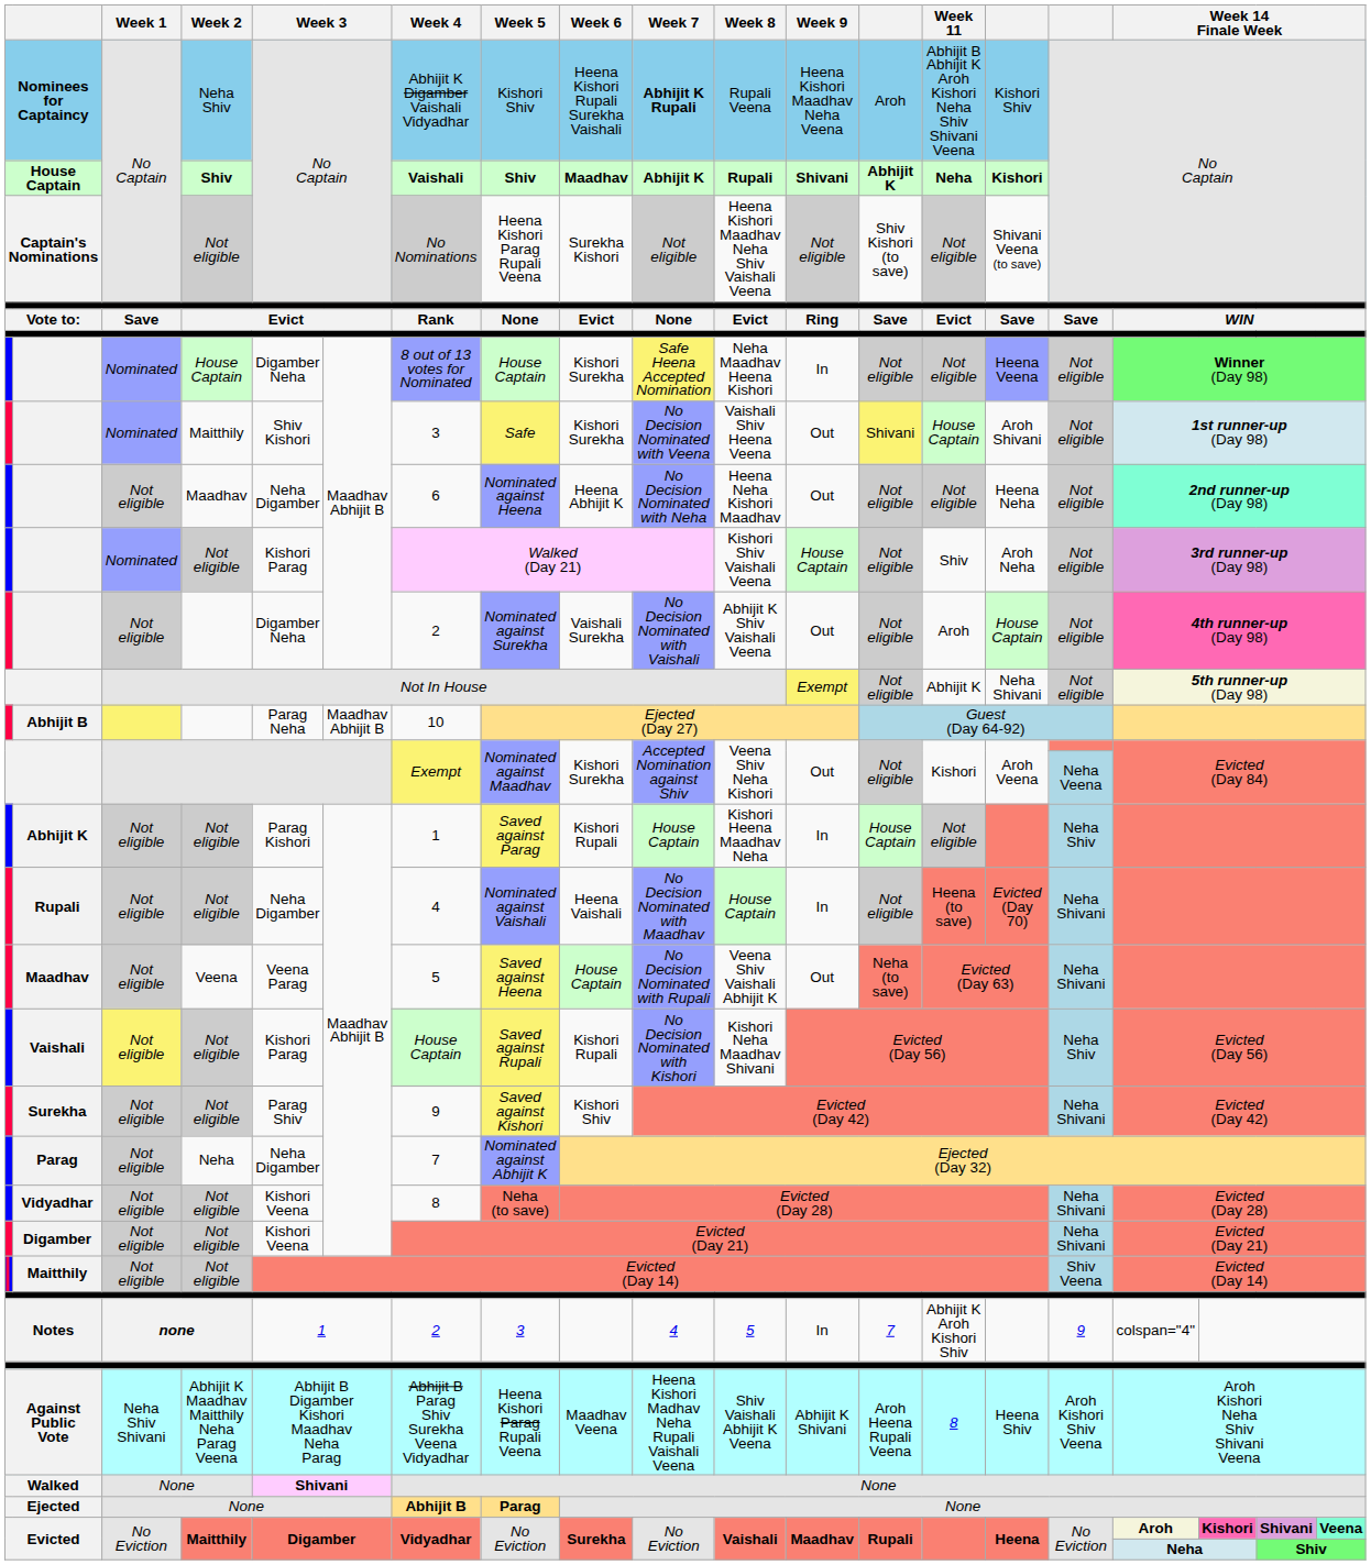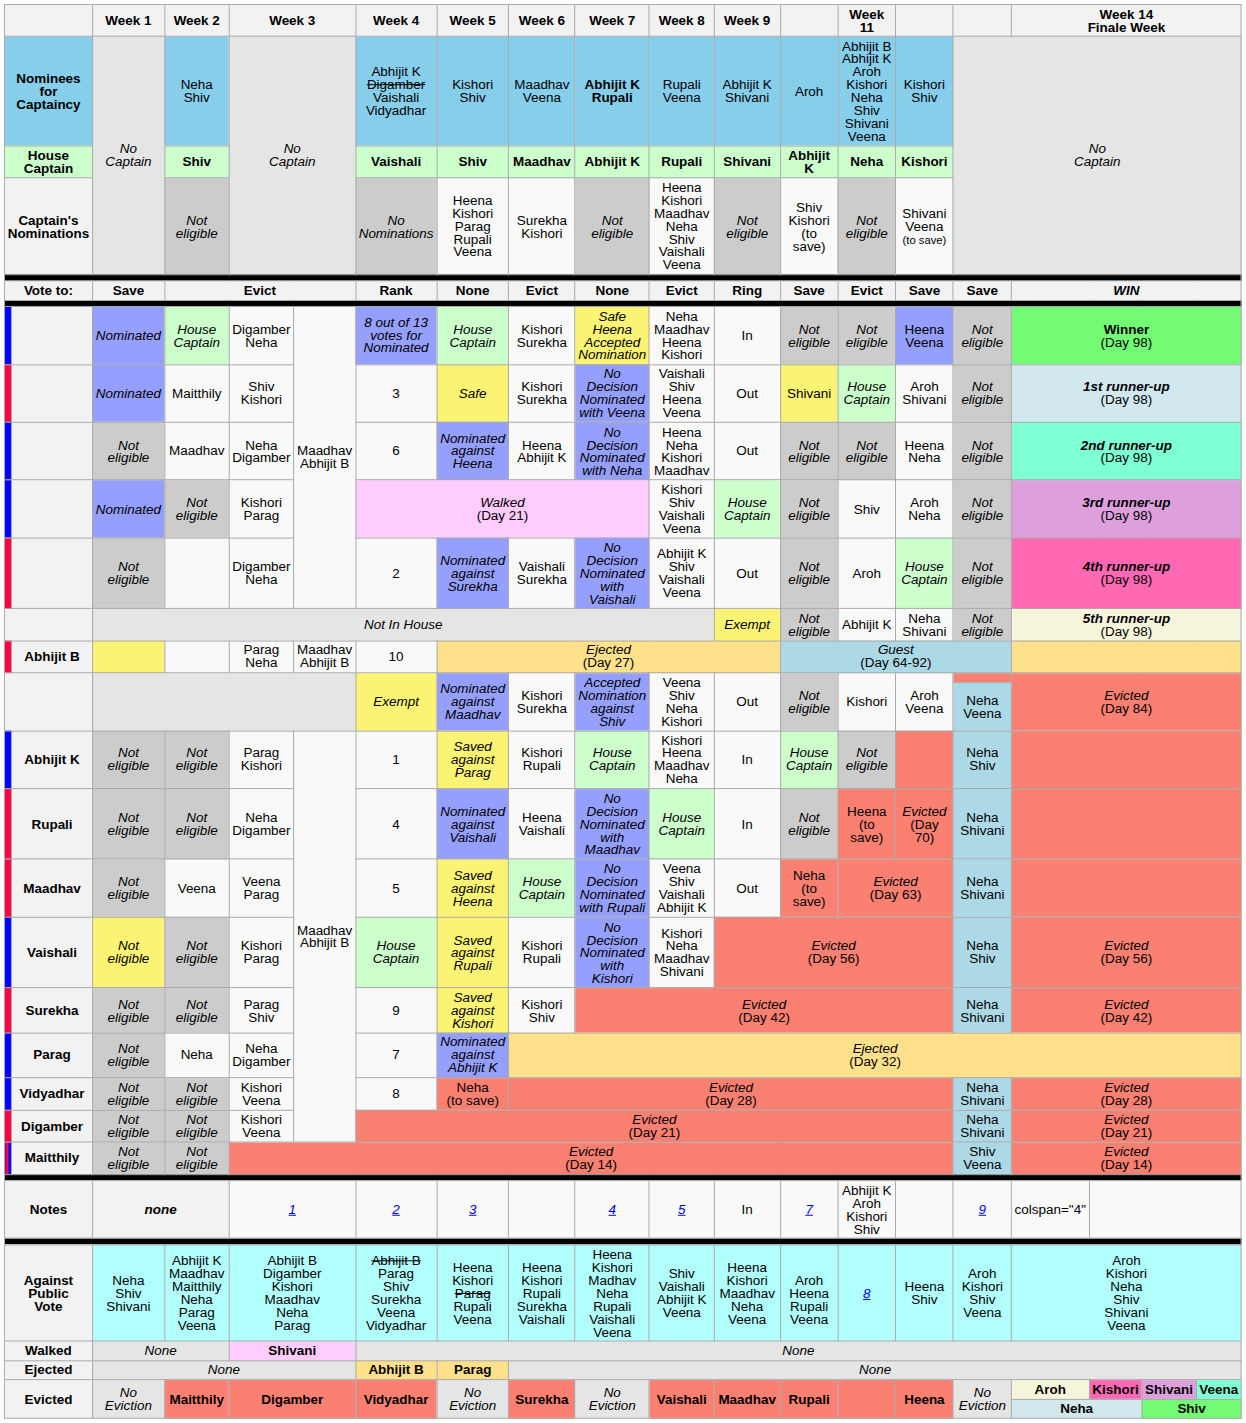 <table class="wikitable" style="text-align:center; font-size:85%; line-height:13px;">
 <tr>
 <th colspan="2" style="width: 6%;"></th>
 <th style="width: 6%;">Week 1</th>
 <th style="width: 6%;">Week 2</th>
 <th colspan="2" style="width: 6%;">Week 3</th>
 <th style="width: 6%;">Week 4</th>
 <th style="width: 6%;">Week 5</th>
 <th style="width: 6%;">Week 6</th>
 <th style="width: 6%;">Week 7</th>
 <th style="width: 6%;">Week 8</th>
 <th style="width: 6%;">Week 9</th>
 <th style="width: 6%;"></th>
 <th style="width: 6%;">Week 11</th>
 <th style="width: 6%;"></th>
 <th style="width: 6%;"></th>
 <th colspan="4" style="width: 6%;" style="background:#FFD700">Week 14<br>Finale Week</th>
 </tr>
 <tr style="background:#87CEEB;" |>
 <th colspan="2" style="background:#87CEEB;">Nominees for<br>Captaincy</th>
 <td rowspan="3" style="background:#E5E5E5;"><em>No<br>Captain</em></td>
 <td>Neha<br>Shiv</td>
 <td colspan=2 rowspan="3" style="background:#E5E5E5;"><em>No<br>Captain</em></td>
 <td>Abhijit K<br><s>Digamber</s><br>Vaishali<br>Vidyadhar</td>
 <td>Kishori<br>Shiv</td>
-<td>Heena<br>Kishori<br>Rupali<br>Surekha<br>Vaishali</td>
+<td>Maadhav<br>Veena</td>
 <td><strong>Abhijit K<br>Rupali</strong></td>
 <td>Rupali<br>Veena</td>
-<td>Heena<br>Kishori<br>Maadhav<br>Neha<br>Veena</td>
+<td>Abhijit K<br>Shivani</td>
 <td>Aroh<br></td>
 <td>Abhijit B<br>Abhijit K<br>Aroh<br>Kishori<br>Neha<br>Shiv<br>Shivani<br>Veena</td>
 <td>Kishori<br>Shiv</td>
 <td colspan="5" rowspan="3" style="background:#E5E5E5;"><em>No<br>Captain</em></td>
 </tr>
 <tr style="background:#cfc;">
 <th colspan="2" style="background:#cfc;">House<br>Captain</th>
 <td><strong>Shiv</strong></td>
 <td><strong>Vaishali</strong></td>
 <td><strong>Shiv</strong></td>
 <td><strong>Maadhav</strong></td>
 <td><strong>Abhijit K</strong></td>
 <td><strong>Rupali</strong></td>
 <td><strong>Shivani</strong></td>
 <td><strong>Abhijit K</strong></td>
 <td><strong>Neha</strong></td>
 <td><strong>Kishori</strong></td>
 </tr>
 <tr>
 <th colspan="2">Captain's<br>Nominations</th>
 <td style="background:#ccc;"><em>Not<br>eligible</em></td>
 <td style="background:#ccc;"><em>No<br>Nominations</em></td>
 <td>Heena<br>Kishori<br>Parag<br>Rupali<br>Veena</td>
 <td>Surekha<br>Kishori</td>
 <td style="background:#ccc;"><em>Not<br>eligible</em></td>
 <td>Heena<br>Kishori<br>Maadhav<br>Neha<br>Shiv<br>Vaishali<br>Veena</td>
 <td style="background:#ccc;"><em>Not<br>eligible</em></td>
 <td>Shiv<br>Kishori<br>(to  save)</td>
 <td style="background:#ccc;"><em>Not<br>eligible</em></td>
 <td>Shivani<br>Veena<br><small>(to save)</small></td>
 </tr>
 <tr>
 <td colspan="20" style="background:#000;"></td>
 </tr>
 <tr>
 <th colspan="2">Vote to:</th>
 <th>Save</th>
 <th colspan="3">Evict</th>
 <th>Rank</th>
 <th>None</th>
 <th>Evict</th>
 <th>None</th>
 <th>Evict</th>
 <th>Ring</th>
 <th>Save</th>
 <th>Evict</th>
 <th>Save</th>
 <th>Save</th>
 <th colspan="4"><strong><em>WIN</em></strong></th>
 </tr>
 <tr>
 <td colspan="20" style="background:black;"></td>
 </tr>
 <tr>
 <td style="background:blue;"></td>
 <th></th>
 <td style="background:#959FFD;"><em>Nominated</em></td>
 <td style="background:#cfc;"><em>House<br>Captain</em></td>
 <td>Digamber<br>Neha</td>
 <td rowspan="5">Maadhav<br>Abhijit B</td>
 <td style="background:#959FFD;"><em>8 out of 13 votes for Nominated</em></td>
 <td style="background:#cfc;"><em>House<br>Captain</em></td>
 <td>Kishori<br>Surekha</td>
 <td style="background:#FBF373;"><em>Safe<br>Heena Accepted Nomination</em></td>
 <td>Neha<br>Maadhav<br>Heena<br>Kishori</td>
 <td>In</td>
 <td style="background:#ccc;"><em>Not<br>eligible</em></td>
 <td style="background:#ccc;"><em>Not<br>eligible</em></td>
 <td style="background:#959FFD;">Heena<br>Veena</td>
 <td style="background:#ccc;"><em>Not<br>eligible</em></td>
 <td colspan="4" style="background:#73FB76;"><strong>Winner</strong><br>(Day 98)</td>
 </tr>
 <tr>
 <td style="background:#FF0045;"></td>
 <th></th>
 <td style="background:#959FFD;"><em>Nominated</em></td>
 <td>Maitthily</td>
 <td>Shiv<br>Kishori</td>
 <td>3</td>
 <td style="background:#FBF373;"><em>Safe</em></td>
 <td>Kishori<br>Surekha</td>
 <td style="background:#959FFD;"><em>No Decision<br>Nominated with Veena</em></td>
 <td>Vaishali<br>Shiv<br>Heena<br>Veena</td>
 <td>Out</td>
 <td style="background:#FBF373;">Shivani</td>
 <td style="background:#cfc;"><em>House<br>Captain</em></td>
 <td>Aroh<br>Shivani</td>
 <td style="background:#ccc;"><em>Not<br>eligible</em></td>
 <td colspan="4" style="background:#D1E8EF;"><strong><em>1st runner-up</em></strong><br>(Day 98)</td>
 </tr>
 <tr>
 <td style="background:blue;"></td>
 <th></th>
 <td style="background:#ccc;"><em>Not<br>eligible</em></td>
 <td>Maadhav</td>
 <td>Neha<br>Digamber</td>
 <td>6</td>
 <td style="background:#959FFD;"><em>Nominated<br>against<br>Heena</em></td>
 <td>Heena<br>Abhijit K</td>
 <td style="background:#959FFD;"><em>No Decision<br>Nominated with Neha</em></td>
 <td>Heena<br>Neha<br>Kishori<br>Maadhav</td>
 <td>Out</td>
 <td style="background:#ccc;"><em>Not<br>eligible</em></td>
 <td style="background:#ccc;"><em>Not<br>eligible</em></td>
 <td>Heena<br>Neha</td>
 <td style="background:#ccc;"><em>Not<br>eligible</em></td>
 <td colspan="4" style="background:#7FFFD4;"><strong><em>2nd runner-up</em></strong><br>(Day 98)</td>
 </tr>
 <tr>
 <td style="background:blue;"></td>
 <th></th>
 <td style="background:#959FFD;"><em>Nominated</em></td>
 <td style="background:#ccc;"><em>Not eligible</em></td>
 <td>Kishori<br>Parag</td>
 <td colspan="4" style="background:#ffccff" "#white"><em>Walked</em><br>(Day 21)</td>
 <td>Kishori<br>Shiv<br>Vaishali<br>Veena</td>
 <td style="background:#cfc;"><em>House<br>Captain</em></td>
 <td style="background:#ccc;"><em>Not<br>eligible</em></td>
 <td>Shiv</td>
 <td>Aroh<br>Neha</td>
 <td style="background:#ccc;"><em>Not<br>eligible</em></td>
 <td colspan="4" style="background:#DDA0DD;"><strong><em>3rd runner-up</em></strong><br>(Day 98)</td>
 </tr>
 <tr>
 <td style="background:#FF0045;"></td>
 <th></th>
 <td style="background:#ccc;"><em>Not<br>eligible</em></td>
 <td></td>
 <td>Digamber<br>Neha</td>
 <td>2</td>
 <td style="background:#959FFD;"><em>Nominated<br>against<br>Surekha</em></td>
 <td>Vaishali<br>Surekha</td>
 <td style="background:#959FFD;"><em>No Decision<br>Nominated with Vaishali</em></td>
 <td>Abhijit K<br>Shiv<br>Vaishali<br>Veena</td>
 <td>Out</td>
 <td style="background:#ccc;"><em>Not<br>eligible</em></td>
 <td>Aroh</td>
 <td style="background:#cfc;"><em>House<br>Captain</em></td>
 <td style="background:#ccc;"><em>Not<br>eligible</em></td>
 <td colspan="4" style="background:#FF69B4;"><strong><em>4th runner-up</em></strong><br>(Day 98)</td>
 </tr>
 <tr>
 <th colspan="2"></th>
 <td colspan="9" style="background:#E5E5E5;"><em>Not In House</em></td>
 <td style="background:#FBF373;"><em>Exempt</em></td>
 <td style="background:#ccc;"><em>Not<br>eligible</em></td>
 <td>Abhijit K</td>
 <td>Neha<br>Shivani</td>
 <td style="background:#ccc;"><em>Not<br>eligible</em></td>
 <td colspan="4" style="background:beige;"><strong><em>5th runner-up</em></strong><br>(Day 98)</td>
 </tr>
 <tr>
 <td style="background:#FF0045;"></td>
 <th>Abhijit B</th>
 <td style="background:#FBF373;"></td>
 <td></td>
 <td>Parag<br>Neha</td>
 <td>Maadhav<br>Abhijit B</td>
 <td>10</td>
 <td colspan="5" style="background:#FFE08B" "#white"><em>Ejected</em><br>(Day 27)</td>
 <td colspan="4" style="background:lightblue"><em>Guest</em><br>(Day 64-92)</td>
 <td colspan="4" style="background:#FFE08B"></td>
 </tr>
 <tr>
 <th rowspan=2 colspan="2"></th>
 <td rowspan=2 colspan="4" style="background:#E5E5E5;"></td>
 <td rowspan=2 style="background:#FBF373;"><em>Exempt</em></td>
 <td rowspan=2 style="background:#959FFD;"><em>Nominated<br>against<br>Maadhav</em></td>
 <td rowspan=2>Kishori<br>Surekha</td>
 <td rowspan=2 style="background:#959FFD;"><em>Accepted Nomination<br>against<br>Shiv</em></td>
 <td rowspan=2>Veena<br>Shiv<br>Neha<br>Kishori</td>
 <td rowspan=2>Out</td>
 <td rowspan=2 style="background:#ccc;"><em>Not<br>eligible</em></td>
 <td rowspan=2>Kishori</td>
 <td rowspan=2>Aroh<br>Veena</td>
 <td style="background:salmon;"></td>
 <td rowspan=2 colspan="4" style="background:salmon;"><em>Evicted</em><br>(Day 84)</td>
 </tr>
 <tr>
 <td style="background:lightblue;">Neha<br>Veena</td>
 </tr>
 <tr>
 <td style="background:blue;"></td>
 <th>Abhijit K</th>
 <td style="background:#ccc;"><em>Not<br>eligible</em></td>
 <td style="background:#ccc;"><em>Not eligible</em></td>
 <td>Parag<br>Kishori</td>
 <td rowspan="8">Maadhav<br>Abhijit B</td>
 <td>1</td>
 <td style="background:#FBF373;"><em>Saved<br>against<br>Parag</em></td>
 <td>Kishori<br>Rupali</td>
 <td style="background:#cfc;"><em>House<br>Captain</em></td>
 <td>Kishori<br>Heena<br>Maadhav<br>Neha</td>
 <td>In</td>
 <td style="background:#cfc;"><em>House<br>Captain</em></td>
 <td style="background:#ccc;"><em>Not<br>eligible</em></td>
 <td style="background:salmon;"></td>
 <td style="background:lightblue;">Neha<br>Shiv</td>
 <td colspan="4" style="background:salmon;"></td>
 </tr>
 <tr>
 <td style="background:#FF0045;"></td>
 <th>Rupali</th>
 <td style="background:#ccc;"><em>Not<br>eligible</em></td>
 <td style="background:#ccc;"><em>Not eligible</em></td>
 <td>Neha<br>Digamber</td>
 <td>4</td>
 <td style="background:#959FFD;"><em>Nominated<br>against<br>Vaishali</em></td>
 <td>Heena<br>Vaishali</td>
 <td style="background:#959FFD;"><em>No Decision<br>Nominated with Maadhav</em></td>
 <td style="background:#cfc;"><em>House<br>Captain</em></td>
 <td>In</td>
 <td style="background:#ccc;"><em>Not<br>eligible</em></td>
 <td style="background:salmon;">Heena<br>(to save)</td>
 <td style="background:salmon;"><em>Evicted</em><br>(Day 70)</td>
 <td style="background:lightblue;">Neha<br>Shivani</td>
 <td colspan="4" style="background:salmon;"></td>
 </tr>
 <tr>
 <td style="background:#FF0045;"></td>
 <th>Maadhav</th>
 <td style="background:#ccc;"><em>Not<br>eligible</em></td>
 <td>Veena</td>
 <td>Veena<br>Parag</td>
 <td>5</td>
 <td style="background:#FBF373;"><em>Saved<br>against<br>Heena</em></td>
 <td style="background:#cfc;"><em>House<br>Captain</em></td>
 <td style="background:#959FFD;"><em>No Decision<br>Nominated with Rupali</em></td>
 <td>Veena<br>Shiv<br>Vaishali<br>Abhijit K</td>
 <td>Out</td>
 <td style="background:salmon;">Neha<br>(to save)</td>
 <td colspan="2" style="background:salmon;"><em>Evicted</em><br>(Day 63)</td>
 <td style="background:lightblue;">Neha<br>Shivani</td>
 <td colspan="4" style="background:salmon;"></td>
 </tr>
 <tr>
 <td style="background:blue;"></td>
 <th>Vaishali</th>
 <td style="background:#FBF373;"><em>Not<br>eligible</em></td>
 <td style="background:#ccc;"><em>Not eligible</em></td>
 <td>Kishori<br>Parag</td>
 <td style="background:#cfc;"><em>House<br>Captain</em></td>
 <td style="background:#FBF373;"><em>Saved<br>against<br>Rupali</em></td>
 <td>Kishori<br>Rupali</td>
 <td style="background:#959FFD;"><em>No Decision<br>Nominated with Kishori</em></td>
 <td>Kishori<br>Neha<br>Maadhav<br>Shivani</td>
 <td colspan="4" style="background:salmon;"><em>Evicted</em><br>(Day 56)</td>
 <td style="background:lightblue;">Neha<br>Shiv</td>
 <td colspan="4" style="background:salmon;"><em>Evicted</em><br>(Day 56)</td>
 </tr>
 <tr>
 <td style="background:#FF0045;"></td>
 <th>Surekha</th>
 <td style="background:#ccc;"><em>Not<br>eligible</em></td>
 <td style="background:#ccc;"><em>Not eligible</em></td>
 <td>Parag<br>Shiv</td>
 <td>9</td>
 <td style="background:#FBF373;"><em>Saved<br>against<br>Kishori</em></td>
 <td>Kishori<br>Shiv</td>
 <td colspan="6" style="background:salmon;"><em>Evicted</em><br>(Day 42)</td>
 <td style="background:lightblue;">Neha<br>Shivani</td>
 <td colspan="4" style="background:salmon;"><em>Evicted</em><br>(Day 42)</td>
 </tr>
 <tr>
 <td style="background:blue;"></td>
 <th>Parag</th>
 <td style="background:#ccc;"><em>Not<br>eligible</em></td>
 <td>Neha</td>
 <td>Neha<br>Digamber</td>
 <td>7</td>
 <td style="background:#959FFD;"><em>Nominated<br>against<br>Abhijit K</em></td>
 <td colspan="12" style="background:#FFE08B;"><em>Ejected</em><br>(Day 32)</td>
 </tr>
 <tr>
 <td style="background:blue;"></td>
 <th>Vidyadhar</th>
 <td style="background:#ccc;"><em>Not<br>eligible</em></td>
 <td style="background:#ccc;"><em>Not eligible</em></td>
 <td>Kishori<br>Veena</td>
 <td>8</td>
 <td style="background:salmon;">Neha<br>(to save)</td>
 <td colspan="7" style="background:salmon;"><em>Evicted</em><br>(Day 28)</td>
 <td style="background:lightblue;">Neha<br>Shivani</td>
 <td colspan="4" style="background:salmon;"><em>Evicted</em><br>(Day 28)</td>
 </tr>
 <tr>
 <td style="background:#FF0045;"></td>
 <th>Digamber</th>
 <td style="background:#ccc;"><em>Not<br>eligible</em></td>
 <td style="background:#ccc;"><em>Not<br>eligible</em></td>
 <td>Kishori<br>Veena</td>
 <td colspan="9" style="background:salmon;"><em>Evicted</em><br>(Day 21)</td>
 <td style="background:lightblue;">Neha<br>Shivani</td>
 <td colspan="4" style="background:salmon;"><em>Evicted</em><br>(Day 21)</td>
 </tr>
 <tr>
 <td style="background:linear-gradient(to right, #FF0045 50%, blue 50%);"></td>
 <th>Maitthily</th>
 <td style="background:#ccc;"><em>Not<br>eligible</em></td>
 <td style="background:#ccc;"><em>Not eligible</em></td>
 <td colspan="11" style="background:salmon;"><em>Evicted</em><br>(Day 14)</td>
 <td style="background:lightblue;">Shiv<br>Veena</td>
 <td colspan="4" style="background:salmon;"><em>Evicted</em><br>(Day 14)</td>
 </tr>
 <tr>
 <td colspan="20" style="background:black;"></td>
 </tr>
 <tr>
 <th colspan="2">Notes</th>
 <th colspan="2"><em>none</em></th>
 <td colspan="2"><em><a href='#'>1</a></em></td>
 <td><em><a href='#'>2</a></em></td>
 <td><em><a href='#'>3</a></em></td>
 <td></td>
 <td><em><a href='#'>4</a></em></td>
 <td><em><a href='#'>5</a></em></td>
 <td>In</td>
 <td><em><a href='#'>7</a></em></td>
 <td>Abhijit K<br>Aroh<br>Kishori<br>Shiv</td>
 <td></td>
 <td><em><a href='#'>9</a></em></td>
 <td>colspan="4" </td>
 </tr>
 <tr>
 <td colspan="20" style="background:black;"></td>
 </tr>
 <tr style="background:#B2FFFF;">
 <th colspan="2">Against<br>Public<br>Vote</th>
 <td>Neha<br>Shiv<br>Shivani</td>
 <td>Abhijit K<br>Maadhav<br>Maitthily<br>Neha<br>Parag<br>Veena</td>
 <td colspan="2">Abhijit B<br>Digamber<br>Kishori<br>Maadhav<br>Neha<br>Parag</td>
 <td><s>Abhijit B</s><br>Parag<br>Shiv<br>Surekha<br>Veena<br>Vidyadhar</td>
 <td>Heena<br>Kishori<br><s>Parag</s><br>Rupali<br>Veena</td>
-<td>Maadhav<br>Veena</td>
+<td>Heena<br>Kishori<br>Rupali<br>Surekha<br>Vaishali</td>
 <td>Heena<br>Kishori<br>Madhav<br>Neha<br>Rupali<br>Vaishali<br>Veena</td>
 <td>Shiv<br>Vaishali<br>Abhijit K<br>Veena</td>
-<td>Abhijit K<br>Shivani</td>
+<td>Heena<br>Kishori<br>Maadhav<br>Neha<br>Veena</td>
 <td><br>Aroh<br>Heena<br>Rupali<br>Veena</td>
 <td><em><a href='#'>8</a></em></td>
 <td>Heena<br>Shiv</td>
 <td>Aroh<br>Kishori<br>Shiv<br>Veena</td>
 <td colspan="4">Aroh<br>Kishori<br>Neha<br>Shiv<br>Shivani<br>Veena</td>
 </tr>
 <tr>
 <th colspan="2">Walked</th>
 <td colspan="2" style="background:#E5E5E5;"><em>None</em></td>
 <td colspan="2" style="background:#fcf"><strong>Shivani</strong></td>
 <td colspan="14" style="background:#E5E5E5"><em>None</em></td>
 </tr>
 <tr>
 <th colspan="2">Ejected</th>
 <td colspan="4" style="background:#E5E5E5"><em>None</em></td>
 <td style="background:#FFE08B;"><strong>Abhijit B</strong></td>
 <td style="background:#FFE08B;"><strong>Parag</strong></td>
 <td colspan="14" style="background:#E5E5E5"><em>None</em></td>
 </tr>
 <tr>
 <th colspan="2" rowspan="2">Evicted</th>
 <td rowspan="2" style="background:#E5E5E5;"><em>No<br>Eviction</em></td>
 <td rowspan="2" bgcolor="salmon"><strong>Maitthily</strong></td>
 <td rowspan="2" colspan="2" bgcolor="salmon"><strong>Digamber</strong></td>
 <td rowspan="2" bgcolor="salmon"><strong>Vidyadhar</strong></td>
 <td rowspan="2" style="background:#E5E5E5;"><em>No<br>Eviction</em></td>
 <td rowspan="2" bgcolor="salmon"><strong>Surekha</strong></td>
 <td rowspan="2" style="background:#E5E5E5"><em>No<br>Eviction</em></td>
 <td rowspan="2" bgcolor="salmon"><strong>Vaishali</strong></td>
 <td rowspan="2" bgcolor="salmon"><strong>Maadhav</strong></td>
 <td rowspan="2" bgcolor="salmon"><strong>Rupali</strong></td>
 <td rowspan="2" bgcolor="salmon"><strong></strong></td>
 <td rowspan="2" bgcolor="salmon"><strong>Heena</strong></td>
 <td rowspan="2" bgcolor="#E5E5E5"><em>No <br> Eviction</em></td>
 <td style="background:beige;"><strong>Aroh</strong></td>
 <td style="background:#FF69B4;"><strong>Kishori</strong></td>
 <td style="background:#DDA0DD;"><strong>Shivani</strong></td>
 <td style="background:#7FFFD4;"><strong>Veena</strong></td>
 </tr>
 <tr>
 <td colspan="2" style="background:#D1E8EF;"><strong>Neha</strong></td>
 <td colspan="2" style="background:#73FB76;"><strong>Shiv</strong></td>
 </tr>
 </table>
